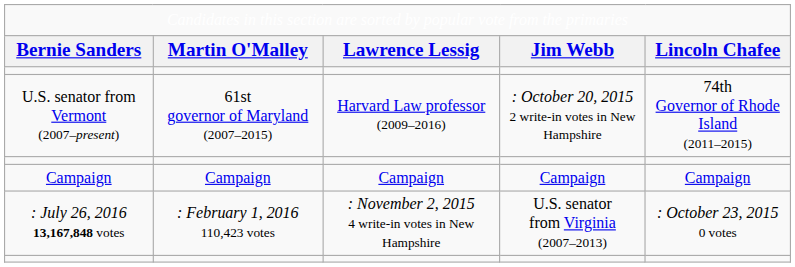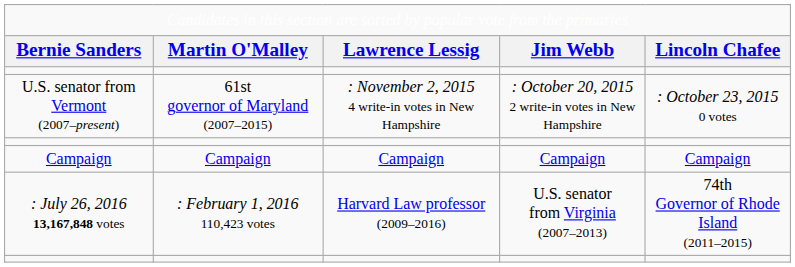 <table class="wikitable mw-collapsible mw-collapsed" style="font-size:90%">
 <tr>
 <td colspan="9" style="text-align:center; width:700px; font-size:120%; color:white; background:"><em><small>Candidates in this section are sorted by popular vote from the primaries</small></em></td>
 </tr>
 <tr>
 <th scope="col" style="width:3em; font-size:120%;"><a href='#'>Bernie Sanders</a></th>
 <th scope="col" style="width:3em; font-size:120%;"><a href='#'>Martin O'Malley</a></th>
 <th scope="col" style="width:3em; font-size:120%;"><a href='#'>Lawrence Lessig</a></th>
 <th scope="col" style="width:3em; font-size:120%;"><a href='#'>Jim Webb</a></th>
 <th scope="col" style="width:3em; font-size:120%;"><a href='#'>Lincoln Chafee</a></th>
 </tr>
 <tr>
 <td></td>
 <td></td>
 <td></td>
 <td></td>
 <td></td>
 </tr>
 <tr style="text-align:center">
 <td>U.S. senator from <a href='#'>Vermont</a><br> <small>(2007–<em>present</em>)</small></td>
 <td>61st<br><a href='#'>governor of Maryland</a><br><small>(2007–2015)</small></td>
-<td><a href='#'>Harvard Law professor</a><br><small>(2009–2016)</small></td>
+<td><em>: November 2, 2015</em><br><small>4 write-in votes in New Hampshire</small></td>
 <td><em>: October 20, 2015</em><br><small>2 write-in votes in New Hampshire</small></td>
-<td>74th<br><a href='#'>Governor of Rhode Island</a><br><small>(2011–2015)</small></td>
+<td><em>: October 23, 2015</em><br><small>0 votes</small></td>
 </tr>
 <tr>
 <td></td>
 <td></td>
 <td></td>
 <td></td>
 <td></td>
 </tr>
 <tr style="text-align:center">
 <td><a href='#'>Campaign</a></td>
 <td><a href='#'>Campaign</a></td>
 <td><a href='#'>Campaign</a></td>
 <td><a href='#'>Campaign</a></td>
 <td><a href='#'>Campaign</a></td>
 </tr>
 <tr style="text-align:center">
 <td><em>: July 26, 2016</em><br><small><strong>13,167,848</strong> votes</small></td>
 <td><em>: February 1, 2016</em><br><small>110,423 votes</small></td>
-<td><em>: November 2, 2015</em><br><small>4 write-in votes in New Hampshire</small></td>
+<td><a href='#'>Harvard Law professor</a><br><small>(2009–2016)</small></td>
 <td>U.S. senator<br>from <a href='#'>Virginia</a><br><small>(2007–2013)</small></td>
-<td><em>: October 23, 2015</em><br><small>0 votes</small></td>
+<td>74th<br><a href='#'>Governor of Rhode Island</a><br><small>(2011–2015)</small></td>
 </tr>
 <tr style="text-align:center">
 <td></td>
 <td></td>
 <td></td>
 <td></td>
 <td></td>
 </tr>
 </table>
